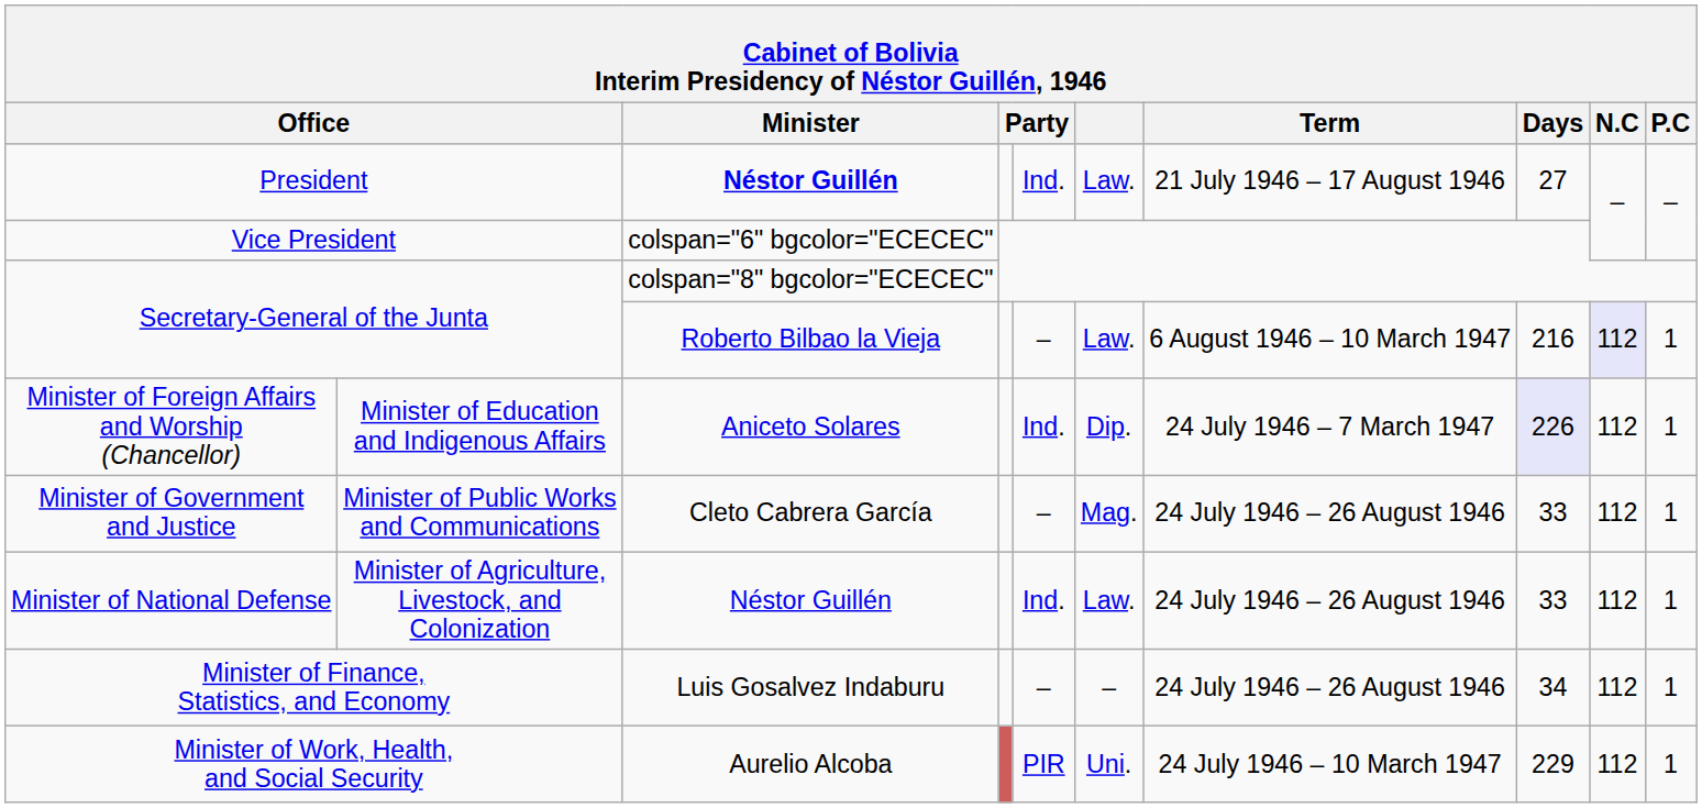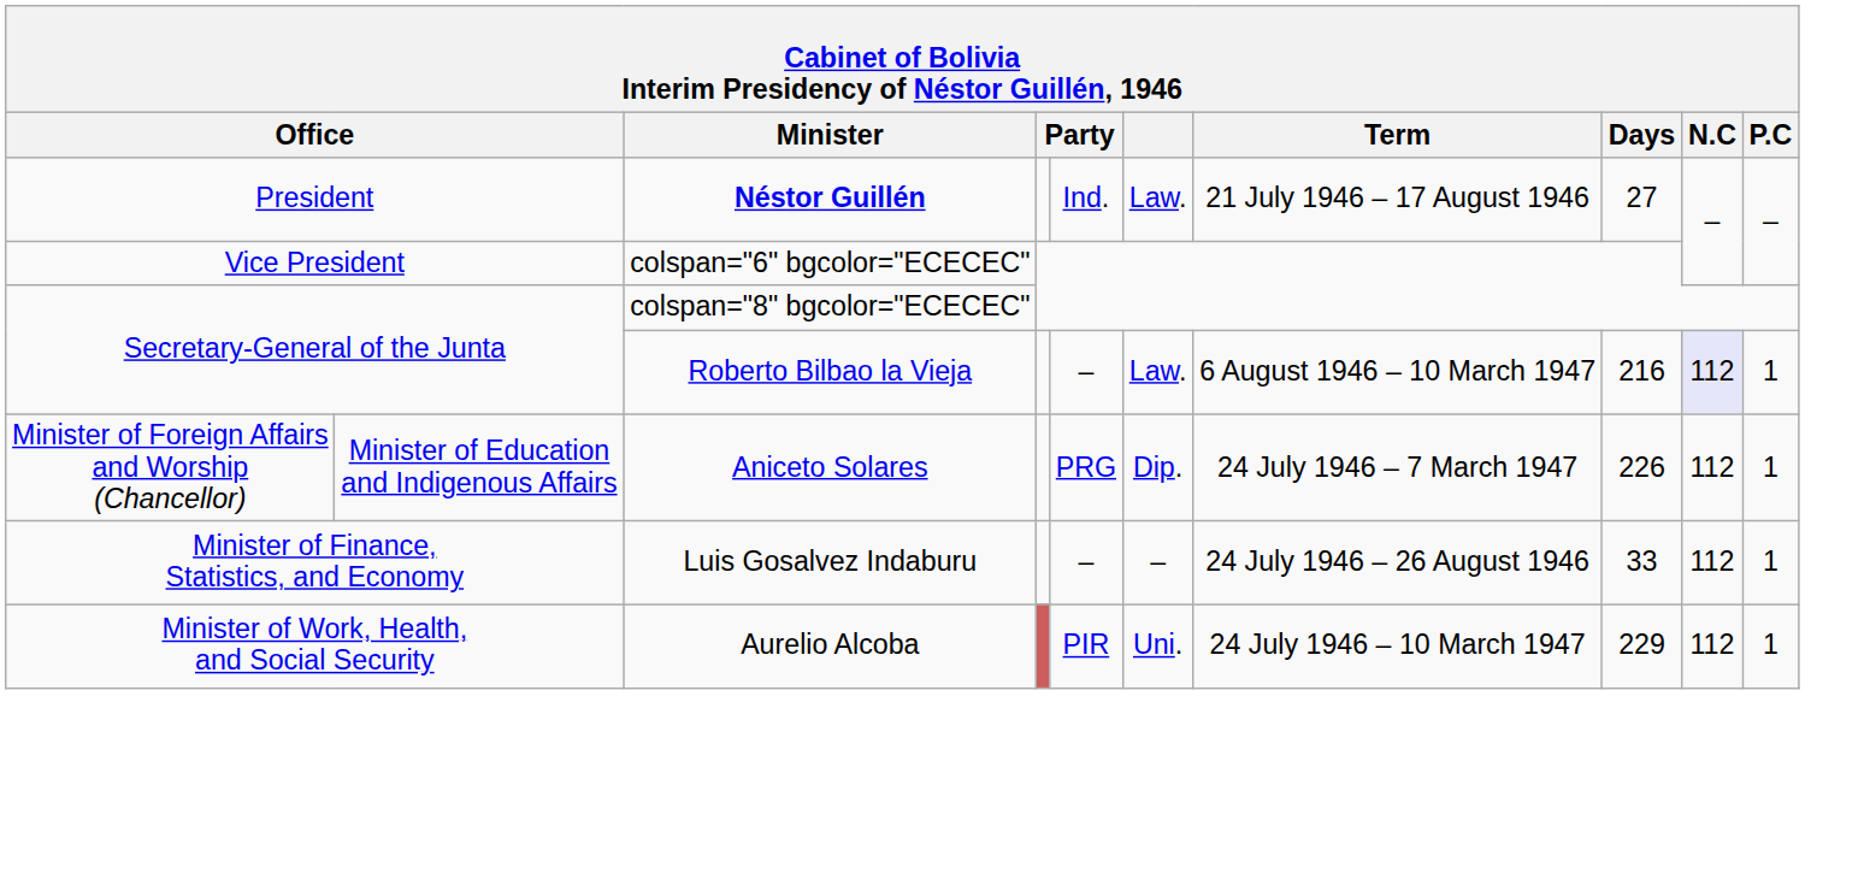 <table class="wikitable" style="text-align:center;">
 <tr>
 <th colspan="10" style="background-color:"><br><a href='#'>Cabinet of Bolivia</a><br>Interim Presidency of <a href='#'>Néstor Guillén</a>, 1946</th>
 </tr>
 <tr style="font-weight:bold;">
 <th colspan="2">Office</th>
 <th>Minister</th>
 <th colspan="2">Party</th>
 <th></th>
 <th>Term</th>
 <th>Days</th>
 <th>N.C</th>
 <th>P.C<br></th>
 </tr>
 <tr style="height:3em;">
 <td colspan="2"><a href='#'>President</a></td>
 <td><strong><a href='#'>Néstor Guillén</a></strong></td>
 <td style="background:"></td>
 <td><a href='#'>Ind</a>.</td>
 <td><a href='#'>Law</a>.</td>
 <td>21 July 1946 – 17 August 1946</td>
 <td>27</td>
 <td rowspan="2">–</td>
 <td rowspan="2">–<br></td>
 </tr>
 <tr>
 <td colspan="2"><a href='#'>Vice President</a></td>
 <td>colspan="6" bgcolor="ECECEC" <br></td>
 </tr>
 <tr>
 <td colspan="2" rowspan="2"><a href='#'>Secretary-General of the Junta</a></td>
 <td>colspan="8" bgcolor="ECECEC" </td>
 </tr>
 <tr style="height:3em;">
 <td><a href='#'>Roberto Bilbao la Vieja</a></td>
 <td style="background:"></td>
 <td>–</td>
 <td><a href='#'>Law</a>.</td>
 <td>6 August 1946 – 10 March 1947</td>
 <td>216</td>
 <td style="background: lavender;">112</td>
 <td>1<br></td>
 </tr>
 <tr style="height:3em;">
 <td><a href='#'>Minister of Foreign Affairs<br>and Worship</a><br><em>(Chancellor)</em></td>
 <td><a href='#'>Minister of Education<br>and Indigenous Affairs</a></td>
 <td><a href='#'>Aniceto Solares</a></td>
 <td style="background:"></td>
-<td><a href='#'>Ind</a>.</td>
+<td><a href='#'>PRG</a></td>
 <td><a href='#'>Dip</a>.</td>
 <td>24 July 1946 – 7 March 1947</td>
-<td style="background: lavender;">226</td>
-<td>112</td>
-<td>1<br></td>
-</tr>
-<tr style="height:3em;">
-<td><a href='#'>Minister of Government<br>and Justice</a></td>
-<td><a href='#'>Minister of Public Works<br>and Communications</a></td>
-<td>Cleto Cabrera García</td>
-<td style="background:"></td>
-<td>–</td>
-<td><a href='#'>Mag</a>.</td>
-<td>24 July 1946 – 26 August 1946</td>
-<td>33</td>
-<td>112</td>
-<td>1<br></td>
-</tr>
-<tr style="height:3em;">
-<td><a href='#'>Minister of National Defense</a></td>
-<td><a href='#'>Minister of Agriculture,<br>Livestock, and<br>Colonization</a></td>
-<td><a href='#'>Néstor Guillén</a></td>
-<td style="background:"></td>
-<td><a href='#'>Ind</a>.</td>
-<td><a href='#'>Law</a>.</td>
-<td>24 July 1946 – 26 August 1946</td>
-<td>33</td>
+<td>226</td>
 <td>112</td>
 <td>1<br></td>
 </tr>
 <tr style="height:3em;">
 <td colspan="2"><a href='#'>Minister of Finance,<br>Statistics, and Economy</a></td>
 <td>Luis Gosalvez Indaburu</td>
 <td style="background:"></td>
 <td>–</td>
 <td>–</td>
 <td>24 July 1946 – 26 August 1946</td>
-<td>34</td>
+<td>33</td>
 <td>112</td>
 <td>1<br></td>
 </tr>
 <tr style="height:3em;">
 <td colspan="2"><a href='#'>Minister of Work, Health,<br>and Social Security</a></td>
 <td>Aurelio Alcoba</td>
 <td style="background:#CD5C5C;"></td>
 <td><a href='#'>PIR</a></td>
 <td><a href='#'>Uni</a>.</td>
 <td>24 July 1946 – 10 March 1947</td>
 <td>229</td>
 <td>112</td>
 <td>1</td>
 </tr>
 </table>
